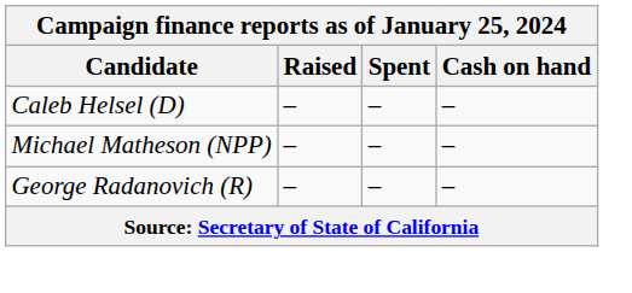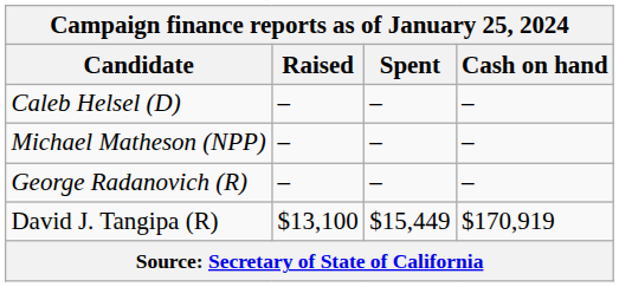 <table class="wikitable sortable">
 <tr>
 <th colspan=4>Campaign finance reports as of January 25, 2024</th>
 </tr>
 <tr style="text-align:center;">
 <th>Candidate</th>
 <th>Raised</th>
 <th>Spent</th>
 <th>Cash on hand</th>
 </tr>
 <tr>
 <td style="color:black;background-color:"><em>Caleb Helsel (D)</em></td>
 <td>–</td>
 <td>–</td>
 <td>–</td>
 </tr>
 <tr>
 <td><em>Michael Matheson (NPP)</em></td>
 <td>–</td>
 <td>–</td>
 <td>–</td>
 </tr>
 <tr>
 <td style="background-color:"><em>George Radanovich (R)</em></td>
 <td>–</td>
 <td>–</td>
 <td>–</td>
 </tr>
 <tr>
+<td style="background-color:">David J. Tangipa (R)</td>
+<td>$13,100</td>
+<td>$15,449</td>
+<td>$170,919</td>
+</tr>
+<tr>
 <th colspan="4"><small>Source: <a href='#'>Secretary of State of California</a></small></th>
 </tr>
 </table>
